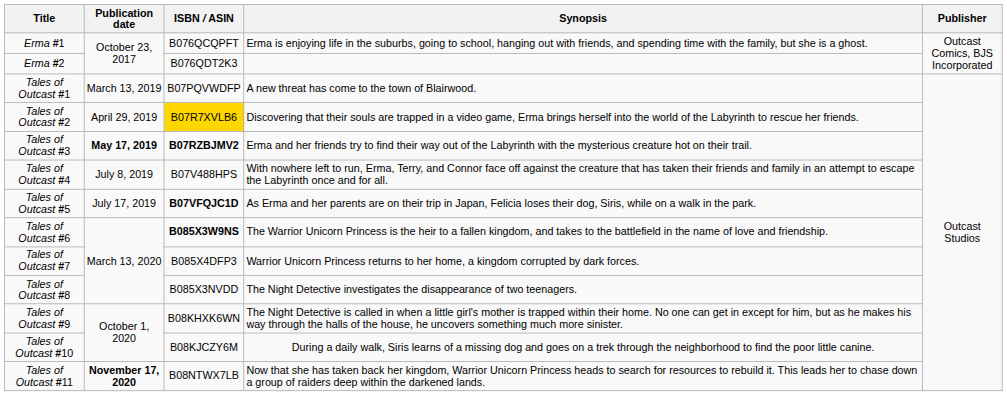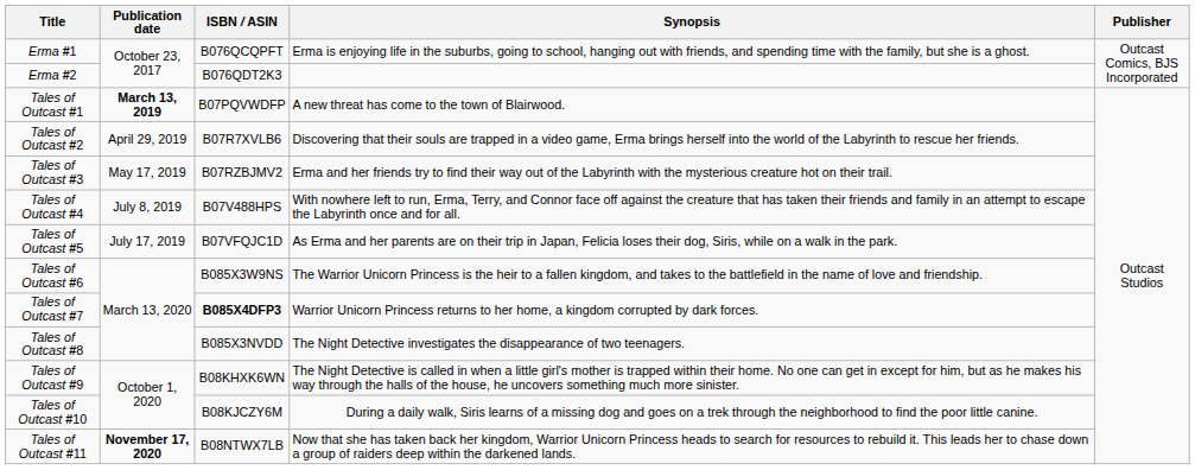 <table class="wikitable" style="text-align:center; width:100%; font-size:85%;">
 <tr>
 <th style="text-align:center; width:8%;">Title</th>
 <th style="text-align:center; width:8%;">Publication date</th>
 <th style="text-align:center; width:8%;">ISBN <em>/</em> ASIN</th>
 <th>Synopsis</th>
 <th>Publisher</th>
 </tr>
 <tr>
 <td><em>Erma</em> <strong>#</strong>1</td>
 <td rowspan="2">October 23, 2017</td>
 <td>B076QCQPFT</td>
 <td style="text-align:left;">Erma is enjoying life in the suburbs, going to school, hanging out with friends, and spending time with the family, but she is a ghost.</td>
 <td rowspan="2" style="text-align:center; width:8%;">Outcast Comics, BJS Incorporated</td>
 </tr>
 <tr>
 <td><em>Erma</em> <strong>#</strong>2</td>
 <td>B076QDT2K3</td>
 <td style="text-align:left;"></td>
 </tr>
 <tr>
 <td><em>Tales of Outcast</em> <strong>#</strong>1</td>
-<td>March 13, 2019</td>
+<td><strong>March 13, 2019</strong></td>
 <td>B07PQVWDFP</td>
 <td style="text-align:left;">A new threat has come to the town of Blairwood.</td>
 <td rowspan="11" style="text-align:center; width:8%;">Outcast Studios</td>
 </tr>
 <tr>
 <td><em>Tales of Outcast</em> <strong>#</strong>2</td>
 <td>April 29, 2019</td>
-<td style="background: gold;">B07R7XVLB6</td>
+<td>B07R7XVLB6</td>
 <td style="text-align:left;">Discovering that their souls are trapped in a video game, Erma brings herself into the world of the Labyrinth to rescue her friends.</td>
 </tr>
 <tr>
 <td><em>Tales of Outcast</em> <strong>#</strong>3</td>
-<td><strong>May 17, 2019</strong></td>
-<td><strong>B07RZBJMV2</strong></td>
+<td>May 17, 2019</td>
+<td>B07RZBJMV2</td>
 <td style="text-align:left;">Erma and her friends try to find their way out of the Labyrinth with the mysterious creature hot on their trail.</td>
 </tr>
 <tr>
 <td><em>Tales of Outcast</em> <strong>#</strong>4</td>
 <td>July 8, 2019</td>
 <td>B07V488HPS</td>
 <td style="text-align:left;">With nowhere left to run, Erma, Terry, and Connor face off against the creature that has taken their friends and family in an attempt to escape the Labyrinth once and for all.</td>
 </tr>
 <tr>
 <td><em>Tales of Outcast</em> <strong>#</strong>5</td>
 <td>July 17, 2019</td>
-<td><strong>B07VFQJC1D</strong></td>
+<td>B07VFQJC1D</td>
 <td style="text-align:left;">As Erma and her parents are on their trip in Japan, Felicia loses their dog, Siris, while on a walk in the park.</td>
 </tr>
 <tr>
 <td><em>Tales of Outcast</em> <strong>#</strong>6</td>
 <td rowspan="3">March 13, 2020</td>
-<td><strong>B085X3W9NS</strong></td>
+<td>B085X3W9NS</td>
 <td style="text-align:left;">The Warrior Unicorn Princess is the heir to a fallen kingdom, and takes to the battlefield in the name of love and friendship.</td>
 </tr>
 <tr>
 <td><em>Tales of Outcast</em> <strong>#</strong>7</td>
-<td>B085X4DFP3</td>
+<td><strong>B085X4DFP3</strong></td>
 <td style="text-align:left;">Warrior Unicorn Princess returns to her home, a kingdom corrupted by dark forces.</td>
 </tr>
 <tr>
 <td><em>Tales of Outcast</em> <strong>#</strong>8</td>
 <td>B085X3NVDD</td>
 <td style="text-align:left;">The Night Detective investigates the disappearance of two teenagers.</td>
 </tr>
 <tr>
 <td><em>Tales of Outcast</em> <strong>#</strong>9</td>
 <td rowspan="2">October 1, 2020</td>
 <td>B08KHXK6WN</td>
 <td style="text-align:left;">The Night Detective is called in when a little girl's mother is trapped within their home. No one can get in except for him, but as he makes his way through the halls of the house, he uncovers something much more sinister.</td>
 </tr>
 <tr>
 <td><em>Tales of Outcast</em> <strong>#</strong>10</td>
 <td>B08KJCZY6M</td>
 <td>During a daily walk, Siris learns of a missing dog and goes on a trek through the neighborhood to find the poor little canine.</td>
 </tr>
 <tr>
 <td><em>Tales of Outcast</em> <strong>#</strong>11</td>
 <td><strong>November 17, 2020</strong></td>
 <td>B08NTWX7LB</td>
 <td style="text-align:left;">Now that she has taken back her kingdom, Warrior Unicorn Princess heads to search for resources to rebuild it. This leads her to chase down a group of raiders deep within the darkened lands.</td>
 </tr>
 </table>
